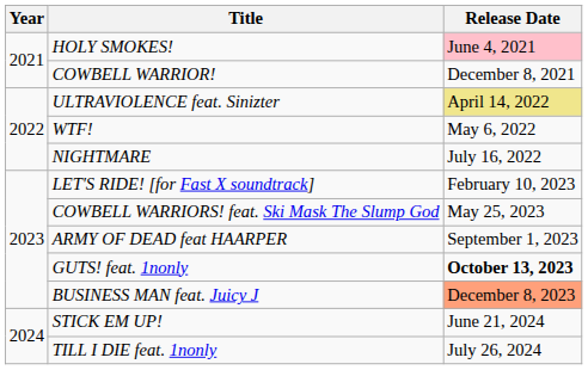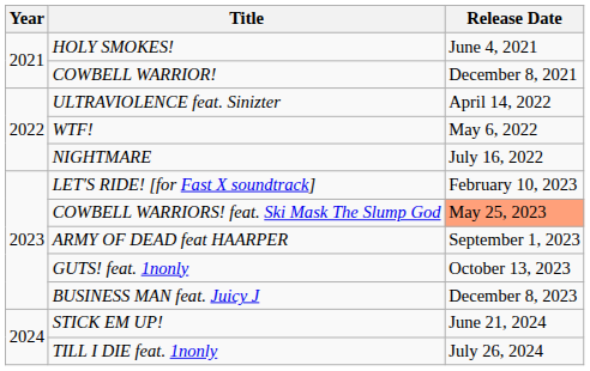 <table class="wikitable">
 <tr>
 <th>Year</th>
 <th>Title</th>
 <th>Release Date</th>
 </tr>
 <tr>
 <td rowspan="2">2021</td>
 <td><em>HOLY SMOKES!</em></td>
-<td style="background: pink;">June 4, 2021</td>
+<td>June 4, 2021</td>
 </tr>
 <tr>
 <td><em>COWBELL WARRIOR!</em></td>
 <td>December 8, 2021</td>
 </tr>
 <tr>
 <td rowspan="3">2022</td>
 <td><em>ULTRAVIOLENCE feat. Sinizter</em></td>
-<td style="background: khaki;">April 14, 2022</td>
+<td>April 14, 2022</td>
 </tr>
 <tr>
 <td><em>WTF!</em></td>
 <td>May 6, 2022</td>
 </tr>
 <tr>
 <td><em>NIGHTMARE</em></td>
 <td>July 16, 2022</td>
 </tr>
 <tr>
 <td rowspan="5">2023</td>
 <td><em>LET'S RIDE! [for <a href='#'>Fast X soundtrack</a>]</em></td>
 <td>February 10, 2023</td>
 </tr>
 <tr>
 <td><em>COWBELL WARRIORS! feat. <a href='#'>Ski Mask The Slump God</a></em></td>
-<td>May 25, 2023</td>
+<td style="background: lightsalmon;">May 25, 2023</td>
 </tr>
 <tr>
 <td><em>ARMY OF DEAD feat HAARPER</em></td>
 <td>September 1, 2023</td>
 </tr>
 <tr>
 <td><em>GUTS! feat. <a href='#'>1nonly</a></em></td>
-<td><strong>October 13, 2023</strong></td>
+<td>October 13, 2023</td>
 </tr>
 <tr>
 <td><em>BUSINESS MAN feat. <a href='#'>Juicy J</a></em></td>
-<td style="background: lightsalmon;">December 8, 2023</td>
+<td>December 8, 2023</td>
 </tr>
 <tr>
 <td rowspan="2">2024</td>
 <td><em>STICK EM UP!</em></td>
 <td>June 21, 2024</td>
 </tr>
 <tr>
 <td><em>TILL I DIE feat. <a href='#'>1nonly</a></em></td>
 <td>July 26, 2024</td>
 </tr>
 </table>
